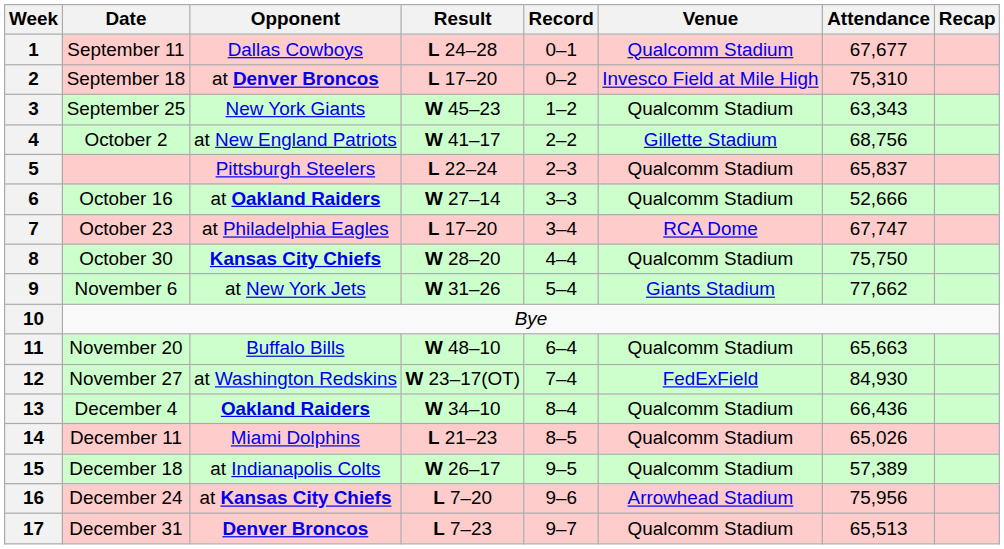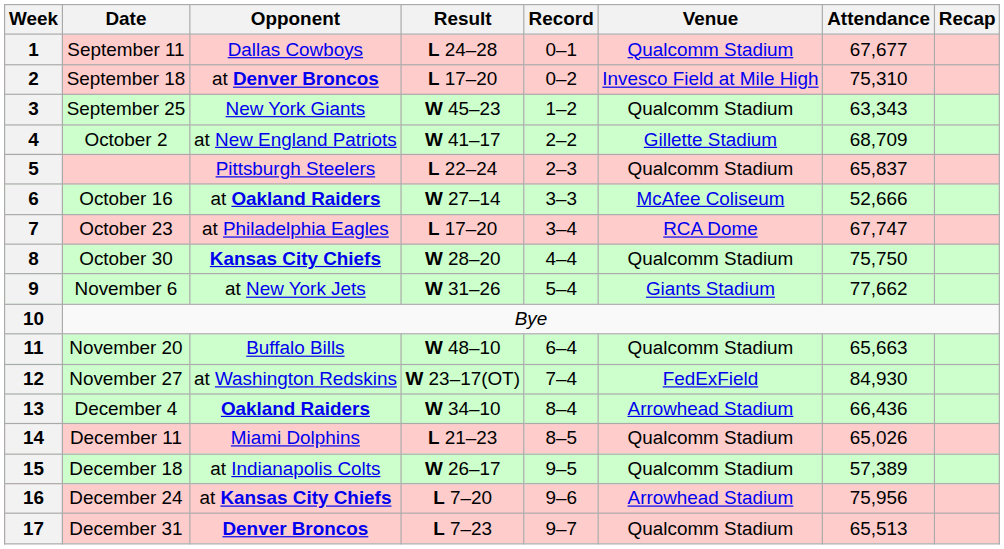 <table class="wikitable" style="text-align:center">
 <tr>
 <th>Week</th>
 <th>Date</th>
 <th>Opponent</th>
 <th>Result</th>
 <th>Record</th>
 <th>Venue</th>
 <th>Attendance</th>
 <th>Recap</th>
 </tr>
 <tr style="background:#fcc">
 <th>1</th>
 <td>September 11</td>
 <td><a href='#'>Dallas Cowboys</a></td>
 <td><strong>L</strong> 24–28</td>
 <td>0–1</td>
 <td><a href='#'>Qualcomm Stadium</a></td>
 <td>67,677</td>
 <td></td>
 </tr>
 <tr style="background:#fcc">
 <th>2</th>
 <td>September 18</td>
 <td>at <strong><a href='#'>Denver Broncos</a></strong></td>
 <td><strong>L</strong> 17–20</td>
 <td>0–2</td>
 <td><a href='#'>Invesco Field at Mile High</a></td>
 <td>75,310</td>
 <td></td>
 </tr>
 <tr style="background:#cfc">
 <th>3</th>
 <td>September 25</td>
 <td><a href='#'>New York Giants</a></td>
 <td><strong>W</strong> 45–23</td>
 <td>1–2</td>
 <td>Qualcomm Stadium</td>
 <td>63,343</td>
 <td></td>
 </tr>
 <tr style="background:#cfc">
 <th>4</th>
 <td>October 2</td>
 <td>at <a href='#'>New England Patriots</a></td>
 <td><strong>W</strong> 41–17</td>
 <td>2–2</td>
 <td><a href='#'>Gillette Stadium</a></td>
-<td>68,756</td>
+<td>68,709</td>
 <td></td>
 </tr>
 <tr style="background:#fcc">
 <th>5</th>
 <td></td>
 <td><a href='#'>Pittsburgh Steelers</a></td>
 <td><strong>L</strong> 22–24</td>
 <td>2–3</td>
 <td>Qualcomm Stadium</td>
 <td>65,837</td>
 <td></td>
 </tr>
 <tr style="background:#cfc">
 <th>6</th>
 <td>October 16</td>
 <td>at <strong><a href='#'>Oakland Raiders</a></strong></td>
 <td><strong>W</strong> 27–14</td>
 <td>3–3</td>
-<td>Qualcomm Stadium</td>
+<td><a href='#'>McAfee Coliseum</a></td>
 <td>52,666</td>
 <td></td>
 </tr>
 <tr style="background:#fcc">
 <th>7</th>
 <td>October 23</td>
 <td>at <a href='#'>Philadelphia Eagles</a></td>
 <td><strong>L</strong> 17–20</td>
 <td>3–4</td>
 <td><a href='#'>RCA Dome</a></td>
 <td>67,747</td>
 <td></td>
 </tr>
 <tr style="background:#cfc">
 <th>8</th>
 <td>October 30</td>
 <td><strong><a href='#'>Kansas City Chiefs</a></strong></td>
 <td><strong>W</strong> 28–20</td>
 <td>4–4</td>
 <td>Qualcomm Stadium</td>
 <td>75,750</td>
 <td></td>
 </tr>
 <tr style="background:#cfc">
 <th>9</th>
 <td>November 6</td>
 <td>at <a href='#'>New York Jets</a></td>
 <td><strong>W</strong> 31–26</td>
 <td>5–4</td>
 <td><a href='#'>Giants Stadium</a></td>
 <td>77,662</td>
 <td></td>
 </tr>
 <tr>
 <th>10</th>
 <td colspan="8" style="text-align:center;"><em>Bye</em></td>
 </tr>
 <tr style="background:#cfc">
 <th>11</th>
 <td>November 20</td>
 <td><a href='#'>Buffalo Bills</a></td>
 <td><strong>W</strong> 48–10</td>
 <td>6–4</td>
 <td>Qualcomm Stadium</td>
 <td>65,663</td>
 <td></td>
 </tr>
 <tr style="background:#cfc">
 <th>12</th>
 <td>November 27</td>
 <td>at <a href='#'>Washington Redskins</a></td>
 <td><strong>W</strong> 23–17(OT)</td>
 <td>7–4</td>
 <td><a href='#'>FedExField</a></td>
 <td>84,930</td>
 <td></td>
 </tr>
 <tr style="background:#cfc">
 <th>13</th>
 <td>December 4</td>
 <td><strong><a href='#'>Oakland Raiders</a></strong></td>
 <td><strong>W</strong> 34–10</td>
 <td>8–4</td>
-<td>Qualcomm Stadium</td>
+<td><a href='#'>Arrowhead Stadium</a></td>
 <td>66,436</td>
 <td></td>
 </tr>
 <tr style="background:#fcc">
 <th>14</th>
 <td>December 11</td>
 <td><a href='#'>Miami Dolphins</a></td>
 <td><strong>L</strong> 21–23</td>
 <td>8–5</td>
 <td>Qualcomm Stadium</td>
 <td>65,026</td>
 <td></td>
 </tr>
 <tr style="background:#cfc">
 <th>15</th>
 <td>December 18</td>
 <td>at <a href='#'>Indianapolis Colts</a></td>
 <td><strong>W</strong> 26–17</td>
 <td>9–5</td>
 <td>Qualcomm Stadium</td>
 <td>57,389</td>
 <td></td>
 </tr>
 <tr style="background:#fcc">
 <th>16</th>
 <td>December 24</td>
 <td>at <strong><a href='#'>Kansas City Chiefs</a></strong></td>
 <td><strong>L</strong> 7–20</td>
 <td>9–6</td>
 <td><a href='#'>Arrowhead Stadium</a></td>
 <td>75,956</td>
 <td></td>
 </tr>
 <tr style="background:#fcc">
 <th>17</th>
 <td>December 31</td>
 <td><strong><a href='#'>Denver Broncos</a></strong></td>
 <td><strong>L</strong> 7–23</td>
 <td>9–7</td>
 <td>Qualcomm Stadium</td>
 <td>65,513</td>
 <td></td>
 </tr>
 </table>
